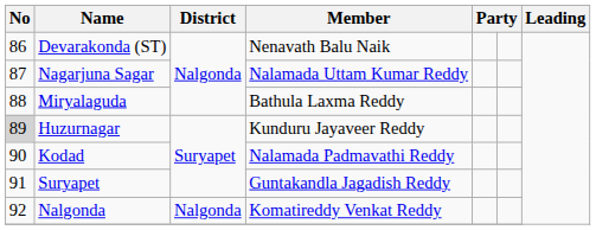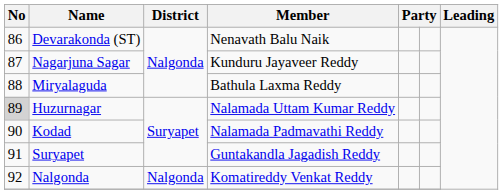 <table class="wikitable sortable">
 <tr>
 <th>No</th>
 <th>Name</th>
 <th>District</th>
 <th>Member</th>
 <th colspan=2>Party</th>
 <th colspan=2>Leading<br></th>
 </tr>
 <tr>
 <td>86</td>
 <td><a href='#'>Devarakonda</a> (ST)</td>
 <td rowspan="3"><a href='#'>Nalgonda</a></td>
 <td>Nenavath Balu Naik</td>
 <td></td>
 <td></td>
 </tr>
 <tr>
 <td>87</td>
 <td><a href='#'>Nagarjuna Sagar</a></td>
-<td><a href='#'>Nalamada Uttam Kumar Reddy</a></td>
+<td>Kunduru Jayaveer Reddy</td>
 <td></td>
 <td></td>
 </tr>
 <tr>
 <td>88</td>
 <td><a href='#'>Miryalaguda</a></td>
 <td>Bathula Laxma Reddy</td>
 <td></td>
 <td></td>
 </tr>
 <tr>
 <td style="background: lightgrey;">89</td>
 <td><a href='#'>Huzurnagar</a></td>
 <td rowspan="3"><a href='#'>Suryapet</a></td>
-<td>Kunduru Jayaveer Reddy</td>
+<td><a href='#'>Nalamada Uttam Kumar Reddy</a></td>
 <td></td>
 <td></td>
 </tr>
 <tr>
 <td>90</td>
 <td><a href='#'>Kodad</a></td>
 <td><a href='#'>Nalamada Padmavathi Reddy</a></td>
 <td></td>
 <td></td>
 </tr>
 <tr>
 <td>91</td>
 <td><a href='#'>Suryapet</a></td>
 <td><a href='#'>Guntakandla Jagadish Reddy</a></td>
 <td></td>
 <td></td>
 </tr>
 <tr>
 <td>92</td>
 <td><a href='#'>Nalgonda</a></td>
 <td><a href='#'>Nalgonda</a></td>
 <td><a href='#'>Komatireddy Venkat Reddy</a></td>
 <td></td>
 <td></td>
 </tr>
 <tr>
 </tr>
 </table>
